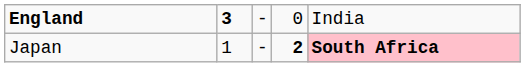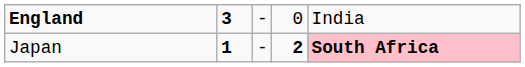 <table class="wikitable">
 <tr>
 <td width=150> <strong>England</strong></td>
 <td style="width:20px; text-align:left;"><strong>3</strong></td>
 <td>-</td>
 <td style="width:20px; text-align:right;">0</td>
 <td width=150> India</td>
 </tr>
 <tr>
 <td> Japan</td>
-<td style="text-align:left;">1</td>
+<td style="text-align:left;"><strong>1</strong></td>
 <td>-</td>
 <td style="text-align:right;"><strong>2</strong></td>
 <td style="background: pink;"> <strong>South Africa</strong></td>
 </tr>
 </table>
